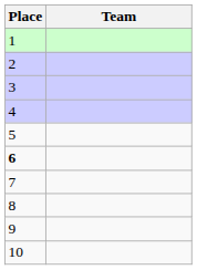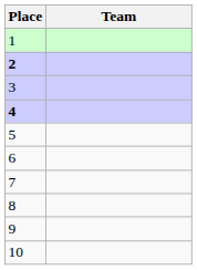 <table class="wikitable">
 <tr>
 <th width=30>Place</th>
 <th width=150>Team</th>
 </tr>
 <tr bgcolor=#ccffcc>
 <td>1</td>
 <td></td>
 </tr>
 <tr bgcolor=#ccccff>
-<td>2</td>
+<td><strong>2</strong></td>
 <td></td>
 </tr>
 <tr bgcolor=#ccccff>
 <td>3</td>
 <td></td>
 </tr>
 <tr bgcolor=#ccccff>
-<td>4</td>
+<td><strong>4</strong></td>
 <td></td>
 </tr>
 <tr>
 <td>5</td>
 <td></td>
 </tr>
 <tr>
-<td><strong>6</strong></td>
+<td>6</td>
 <td></td>
 </tr>
 <tr>
 <td>7</td>
 <td></td>
 </tr>
 <tr>
 <td>8</td>
 <td></td>
 </tr>
 <tr>
 <td>9</td>
 <td></td>
 </tr>
 <tr>
 <td>10</td>
 <td></td>
 </tr>
 </table>
